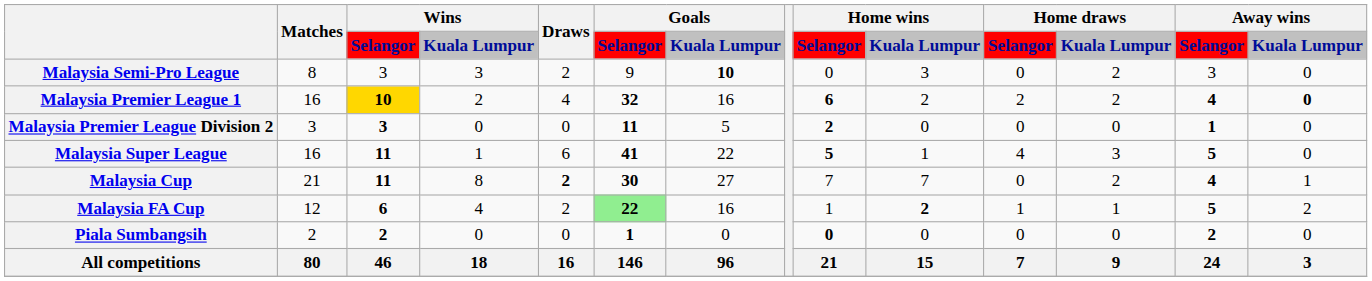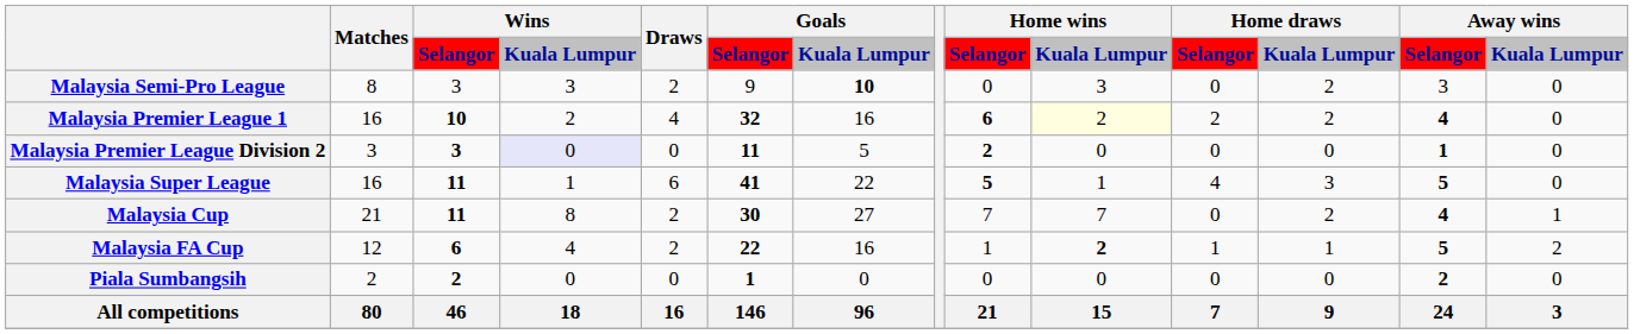 <table class="wikitable" style="text-align:center;">
 <tr>
 <th rowspan="2"></th>
 <th rowspan="2">Matches</th>
 <th colspan="2">Wins</th>
 <th rowspan="2">Draws</th>
 <th colspan="2">Goals</th>
 <th rowspan="10"></th>
 <th colspan="2">Home wins</th>
 <th colspan="2">Home draws</th>
 <th colspan="2">Away wins</th>
 </tr>
 <tr>
 <th style="color:#000c99; background:#ff0000;">Selangor</th>
 <th style="color:#000c99; background:#C0C0C0;">Kuala Lumpur</th>
 <th style="color:#000c99; background:#ff0000;">Selangor</th>
 <th style="color:#000c99; background:#C0C0C0;">Kuala Lumpur</th>
 <th style="color:#000c99; background:#ff0000;">Selangor</th>
 <th style="color:#000c99; background:#C0C0C0;">Kuala Lumpur</th>
 <th style="color:#000c99; background:#ff0000;">Selangor</th>
 <th style="color:#000c99; background:#C0C0C0;">Kuala Lumpur</th>
 <th style="color:#000c99; background:#ff0000;">Selangor</th>
 <th style="color:#000c99; background:#C0C0C0;">Kuala Lumpur</th>
 </tr>
 <tr>
 <th><a href='#'>Malaysia Semi-Pro League</a></th>
 <td>8</td>
 <td>3</td>
 <td>3</td>
 <td>2</td>
 <td>9</td>
 <td><strong>10</strong></td>
 <td>0</td>
 <td>3</td>
 <td>0</td>
 <td>2</td>
 <td>3</td>
 <td>0</td>
 </tr>
 <tr>
 <th><a href='#'>Malaysia Premier League 1</a></th>
 <td>16</td>
-<td style="background: gold;"><strong>10</strong></td>
+<td><strong>10</strong></td>
 <td>2</td>
 <td>4</td>
 <td><strong>32</strong></td>
 <td>16</td>
 <td><strong>6</strong></td>
-<td>2</td>
+<td style="background: lightyellow;">2</td>
 <td>2</td>
 <td>2</td>
 <td><strong>4</strong></td>
-<td><strong>0</strong></td>
+<td>0</td>
 </tr>
 <tr>
 <th><a href='#'>Malaysia Premier League</a> Division 2</th>
 <td>3</td>
 <td><strong>3</strong></td>
-<td>0</td>
+<td style="background: lavender;">0</td>
 <td>0</td>
 <td><strong>11</strong></td>
 <td>5</td>
 <td><strong>2</strong></td>
 <td>0</td>
 <td>0</td>
 <td>0</td>
 <td><strong>1</strong></td>
 <td>0</td>
 </tr>
 <tr>
 <th><a href='#'>Malaysia Super League</a></th>
 <td>16</td>
 <td><strong>11</strong></td>
 <td>1</td>
 <td>6</td>
 <td><strong>41</strong></td>
 <td>22</td>
 <td><strong>5</strong></td>
 <td>1</td>
 <td>4</td>
 <td>3</td>
 <td><strong>5</strong></td>
 <td>0</td>
 </tr>
 <tr>
 <th><a href='#'>Malaysia Cup</a></th>
 <td>21</td>
 <td><strong>11</strong></td>
 <td>8</td>
-<td><strong>2</strong></td>
+<td>2</td>
 <td><strong>30</strong></td>
 <td>27</td>
 <td>7</td>
 <td>7</td>
 <td>0</td>
 <td>2</td>
 <td><strong>4</strong></td>
 <td>1</td>
 </tr>
 <tr>
 <th><a href='#'>Malaysia FA Cup</a></th>
 <td>12</td>
 <td><strong>6</strong></td>
 <td>4</td>
 <td>2</td>
-<td style="background: lightgreen;"><strong>22</strong></td>
+<td><strong>22</strong></td>
 <td>16</td>
 <td>1</td>
 <td><strong>2</strong></td>
 <td>1</td>
 <td>1</td>
 <td><strong>5</strong></td>
 <td>2</td>
 </tr>
 <tr>
 <th><a href='#'>Piala Sumbangsih</a></th>
 <td>2</td>
 <td><strong>2</strong></td>
 <td>0</td>
 <td>0</td>
 <td><strong>1</strong></td>
 <td>0</td>
-<td><strong>0</strong></td>
+<td>0</td>
 <td>0</td>
 <td>0</td>
 <td>0</td>
 <td><strong>2</strong></td>
 <td>0</td>
 </tr>
 <tr>
 <th>All competitions</th>
 <th>80</th>
 <th>46</th>
 <th>18</th>
 <th>16</th>
 <th>146</th>
 <th>96</th>
 <th>21</th>
 <th>15</th>
 <th>7</th>
 <th>9</th>
 <th>24</th>
 <th>3</th>
 </tr>
 <tr>
 </tr>
 </table>
